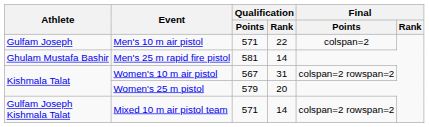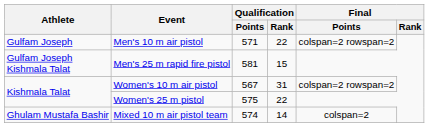 <table class="wikitable" style="font-size:90%">
 <tr>
 <th rowspan="2">Athlete</th>
 <th rowspan="2">Event</th>
 <th colspan=2>Qualification</th>
 <th colspan=2>Final</th>
 </tr>
 <tr style="font-size:95%">
 <th>Points</th>
 <th>Rank</th>
 <th>Points</th>
 <th>Rank</th>
 </tr>
 <tr align=center>
 <td align=left><a href='#'>Gulfam Joseph</a></td>
 <td align=left><a href='#'>Men's 10 m air pistol</a></td>
 <td>571</td>
 <td>22</td>
-<td>colspan=2 </td>
+<td>colspan=2 rowspan=2</td>
 </tr>
 <tr align=center>
-<td align=left><a href='#'>Ghulam Mustafa Bashir</a></td>
+<td align=left><a href='#'>Gulfam Joseph</a><br><a href='#'>Kishmala Talat</a></td>
 <td align=left><a href='#'>Men's 25 m rapid fire pistol</a></td>
 <td>581</td>
-<td>14</td>
+<td>15</td>
 </tr>
 <tr align=center>
 <td align=left rowspan=2><a href='#'>Kishmala Talat</a></td>
 <td align=left><a href='#'>Women's 10 m air pistol</a></td>
 <td>567</td>
 <td>31</td>
 <td>colspan=2 rowspan=2</td>
 </tr>
 <tr align=center>
 <td align=left><a href='#'>Women's 25 m pistol</a></td>
-<td>579</td>
-<td>20</td>
+<td>575</td>
+<td>22</td>
 </tr>
 <tr align=center>
-<td align=left><a href='#'>Gulfam Joseph</a><br><a href='#'>Kishmala Talat</a></td>
+<td align=left><a href='#'>Ghulam Mustafa Bashir</a></td>
 <td align=left><a href='#'>Mixed 10 m air pistol team</a></td>
-<td>571</td>
+<td>574</td>
 <td>14</td>
-<td>colspan=2 rowspan=2</td>
+<td>colspan=2 </td>
 </tr>
 </table>
